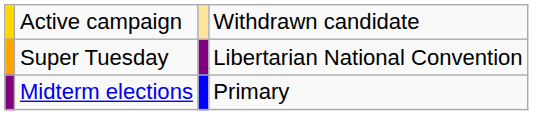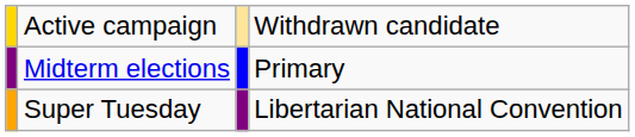 <table class="wikitable">
 <tr>
 <td style="background:#ffd800;"></td>
 <td>Active campaign</td>
 <td style="background:#ffe599;"></td>
 <td>Withdrawn candidate</td>
 </tr>
 <tr>
+<td style="background:purple;"></td>
+<td><a href='#'>Midterm elections</a></td>
+<td style="background:blue;"></td>
+<td>Primary</td>
+</tr>
+<tr>
 <td style="background:orange;"></td>
 <td>Super Tuesday</td>
 <td style="background:purple;"></td>
 <td>Libertarian National Convention</td>
 </tr>
-<tr>
-<td style="background:purple;"></td>
-<td><a href='#'>Midterm elections</a></td>
-<td style="background:blue;"></td>
-<td>Primary</td>
-</tr>
 </table>
